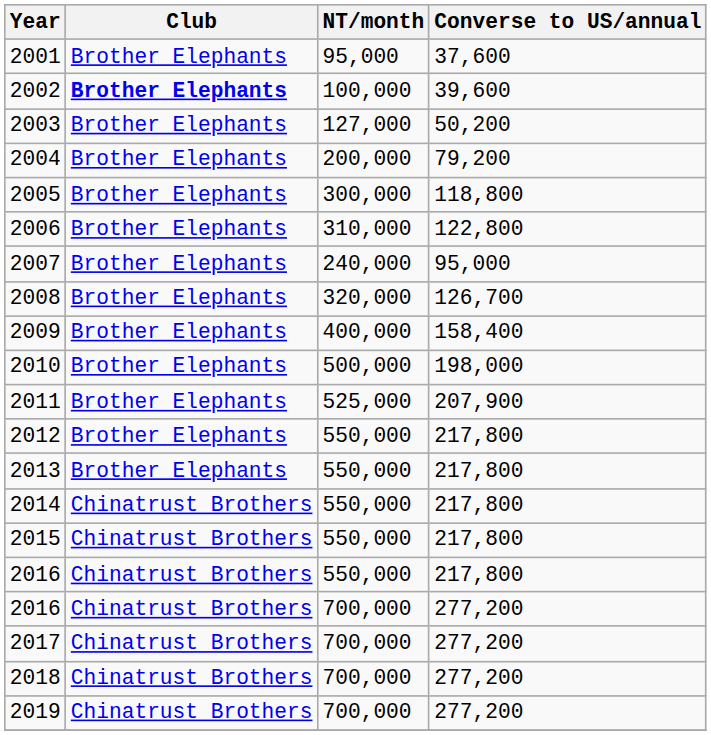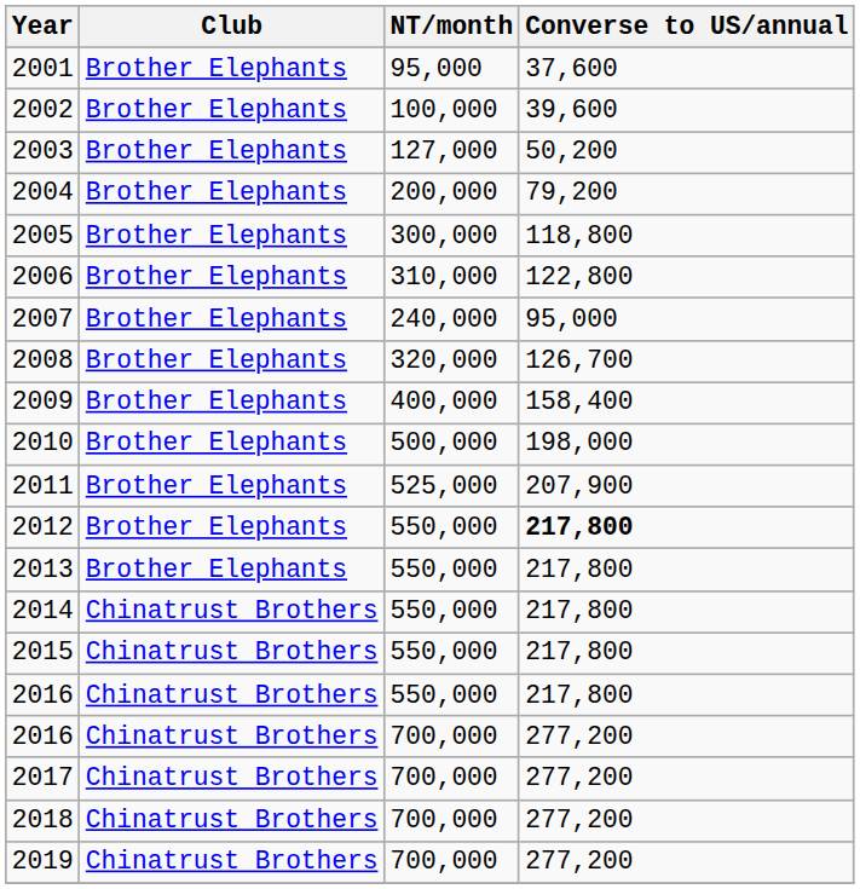 <table class="wikitable">
 <tr>
 <th>Year</th>
 <th>Club</th>
 <th>NT/month</th>
 <th>Converse to US/annual</th>
 </tr>
 <tr>
 <td>2001</td>
 <td><a href='#'>Brother Elephants</a></td>
 <td>95,000</td>
 <td>37,600</td>
 </tr>
 <tr>
 <td>2002</td>
-<td><strong><a href='#'>Brother Elephants</a></strong></td>
+<td><a href='#'>Brother Elephants</a></td>
 <td>100,000</td>
 <td>39,600</td>
 </tr>
 <tr>
 <td>2003</td>
 <td><a href='#'>Brother Elephants</a></td>
 <td>127,000</td>
 <td>50,200</td>
 </tr>
 <tr>
 <td>2004</td>
 <td><a href='#'>Brother Elephants</a></td>
 <td>200,000</td>
 <td>79,200</td>
 </tr>
 <tr>
 <td>2005</td>
 <td><a href='#'>Brother Elephants</a></td>
 <td>300,000</td>
 <td>118,800</td>
 </tr>
 <tr>
 <td>2006</td>
 <td><a href='#'>Brother Elephants</a></td>
 <td>310,000</td>
 <td>122,800</td>
 </tr>
 <tr>
 <td>2007</td>
 <td><a href='#'>Brother Elephants</a></td>
 <td>240,000</td>
 <td>95,000</td>
 </tr>
 <tr>
 <td>2008</td>
 <td><a href='#'>Brother Elephants</a></td>
 <td>320,000</td>
 <td>126,700</td>
 </tr>
 <tr>
 <td>2009</td>
 <td><a href='#'>Brother Elephants</a></td>
 <td>400,000</td>
 <td>158,400</td>
 </tr>
 <tr>
 <td>2010</td>
 <td><a href='#'>Brother Elephants</a></td>
 <td>500,000</td>
 <td>198,000</td>
 </tr>
 <tr>
 <td>2011</td>
 <td><a href='#'>Brother Elephants</a></td>
 <td>525,000</td>
 <td>207,900</td>
 </tr>
 <tr>
 <td>2012</td>
 <td><a href='#'>Brother Elephants</a></td>
 <td>550,000</td>
-<td>217,800</td>
+<td><strong>217,800</strong></td>
 </tr>
 <tr>
 <td>2013</td>
 <td><a href='#'>Brother Elephants</a></td>
 <td>550,000</td>
 <td>217,800</td>
 </tr>
 <tr>
 <td>2014</td>
 <td><a href='#'>Chinatrust Brothers</a></td>
 <td>550,000</td>
 <td>217,800</td>
 </tr>
 <tr>
 <td>2015</td>
 <td><a href='#'>Chinatrust Brothers</a></td>
 <td>550,000</td>
 <td>217,800</td>
 </tr>
 <tr>
 <td>2016</td>
 <td><a href='#'>Chinatrust Brothers</a></td>
 <td>550,000</td>
 <td>217,800</td>
 </tr>
 <tr>
 <td>2016</td>
 <td><a href='#'>Chinatrust Brothers</a></td>
 <td>700,000</td>
 <td>277,200</td>
 </tr>
 <tr>
 <td>2017</td>
 <td><a href='#'>Chinatrust Brothers</a></td>
 <td>700,000</td>
 <td>277,200</td>
 </tr>
 <tr>
 <td>2018</td>
 <td><a href='#'>Chinatrust Brothers</a></td>
 <td>700,000</td>
 <td>277,200</td>
 </tr>
 <tr>
 <td>2019</td>
 <td><a href='#'>Chinatrust Brothers</a></td>
 <td>700,000</td>
 <td>277,200</td>
 </tr>
 <tr>
 </tr>
 </table>
